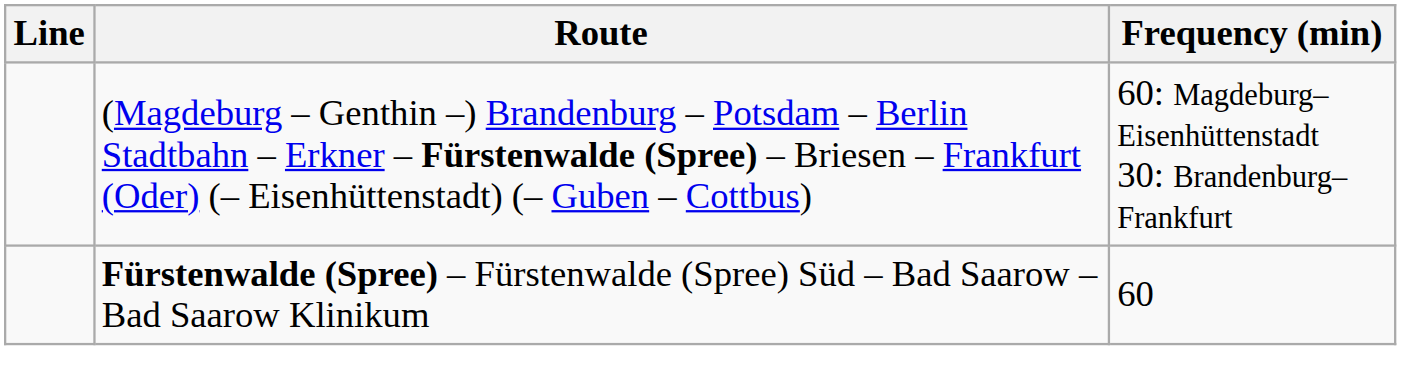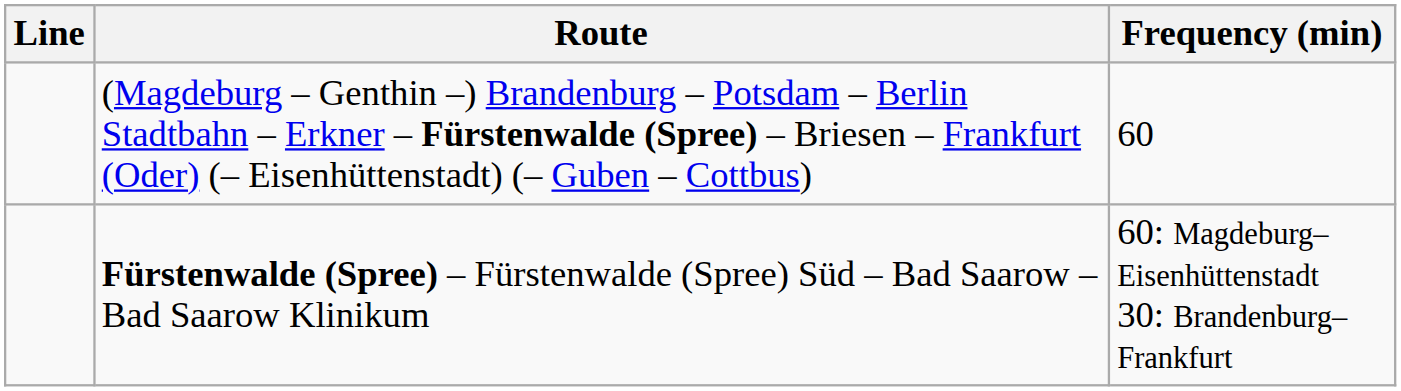 <table class="wikitable">
 <tr>
 <th>Line</th>
 <th>Route</th>
 <th>Frequency (min)</th>
 </tr>
 <tr>
 <td align="center"></td>
 <td>(<a href='#'>Magdeburg</a> – Genthin –) <a href='#'>Brandenburg</a> – <a href='#'>Potsdam</a> – <a href='#'>Berlin Stadtbahn</a> – <a href='#'>Erkner</a> – <strong>Fürstenwalde (Spree)</strong> – Briesen – <a href='#'>Frankfurt (Oder)</a> (– Eisenhüttenstadt) (– <a href='#'>Guben</a> – <a href='#'>Cottbus</a>)</td>
-<td>60: <small>Magdeburg–Eisenhüttenstadt</small><br>30: <small>Brandenburg–Frankfurt</small></td>
+<td>60</td>
 </tr>
 <tr>
 <td align="center"></td>
 <td><strong>Fürstenwalde (Spree)</strong> – Fürstenwalde (Spree) Süd – Bad Saarow – Bad Saarow Klinikum</td>
-<td>60</td>
+<td>60: <small>Magdeburg–Eisenhüttenstadt</small><br>30: <small>Brandenburg–Frankfurt</small></td>
 </tr>
 </table>
